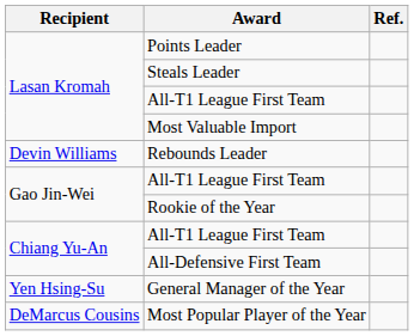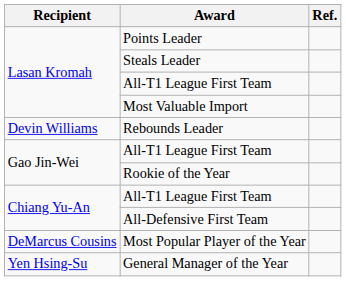 <table class="wikitable">
 <tr>
 <th>Recipient</th>
 <th>Award</th>
 <th>Ref.</th>
 </tr>
 <tr>
 <td rowspan=4><a href='#'>Lasan Kromah</a></td>
 <td>Points Leader</td>
 <td></td>
 </tr>
 <tr>
 <td>Steals Leader</td>
 <td></td>
 </tr>
 <tr>
 <td>All-T1 League First Team</td>
 <td></td>
 </tr>
 <tr>
 <td>Most Valuable Import</td>
 <td></td>
 </tr>
 <tr>
 <td><a href='#'>Devin Williams</a></td>
 <td>Rebounds Leader</td>
 <td></td>
 </tr>
 <tr>
 <td rowspan=2>Gao Jin-Wei</td>
 <td>All-T1 League First Team</td>
 <td></td>
 </tr>
 <tr>
 <td>Rookie of the Year</td>
 <td></td>
 </tr>
 <tr>
 <td rowspan=2><a href='#'>Chiang Yu-An</a></td>
 <td>All-T1 League First Team</td>
 <td></td>
 </tr>
 <tr>
 <td>All-Defensive First Team</td>
 <td></td>
 </tr>
 <tr>
+<td><a href='#'>DeMarcus Cousins</a></td>
+<td>Most Popular Player of the Year</td>
+<td></td>
+</tr>
+<tr>
 <td><a href='#'>Yen Hsing-Su</a></td>
 <td>General Manager of the Year</td>
 <td></td>
 </tr>
-<tr>
-<td><a href='#'>DeMarcus Cousins</a></td>
-<td>Most Popular Player of the Year</td>
-<td></td>
-</tr>
 </table>
